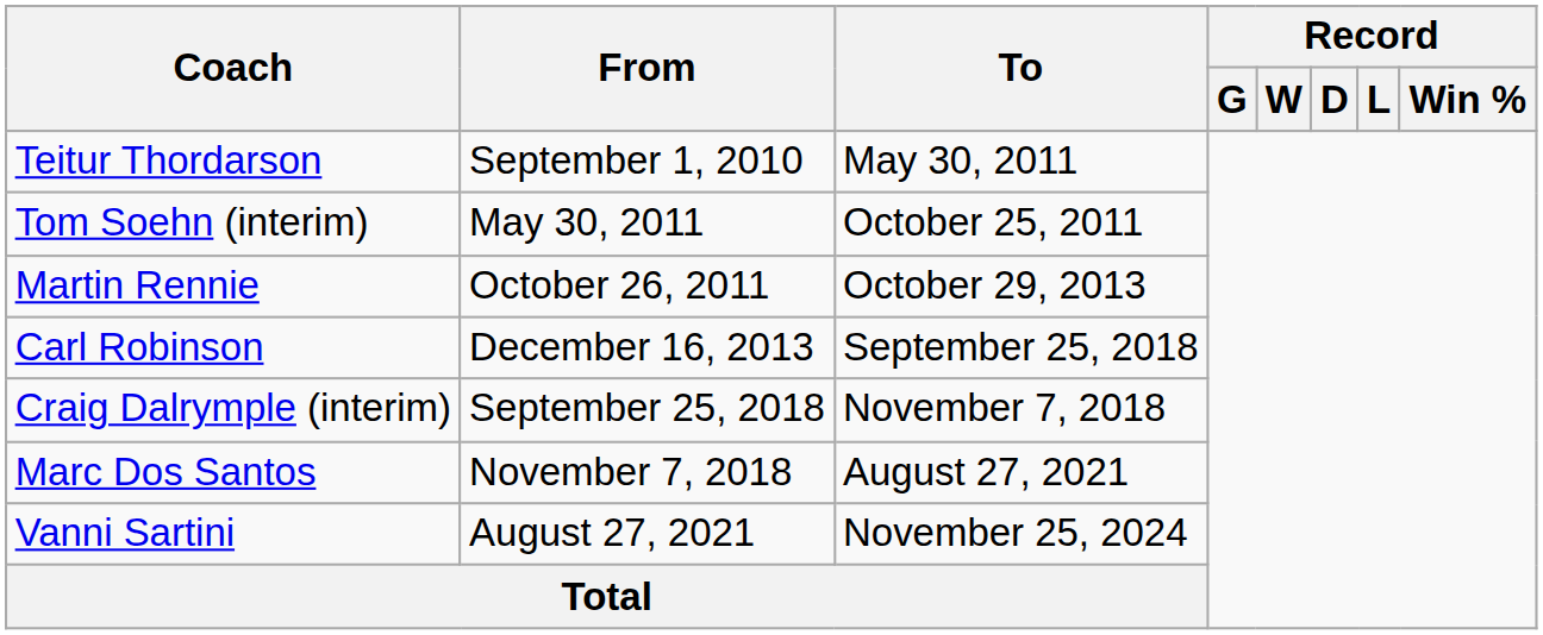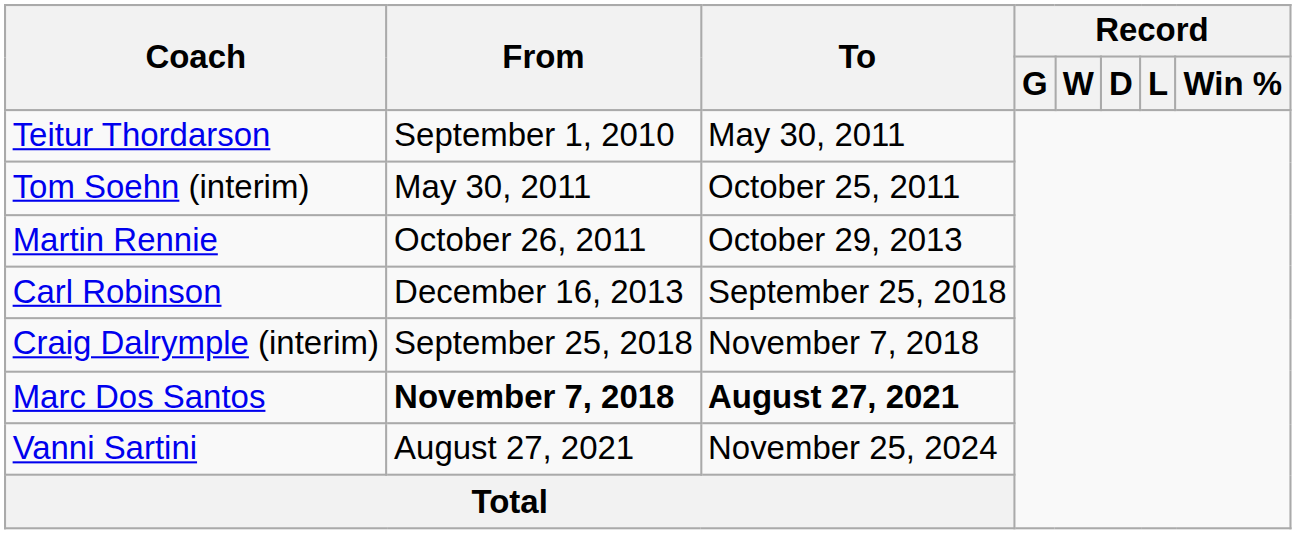 <table class="wikitable sortable" style="text-align: center">
 <tr>
 <th rowspan="2">Coach</th>
 <th rowspan="2">From</th>
 <th rowspan="2">To</th>
 <th colspan="5">Record </th>
 </tr>
 <tr>
 <th>G</th>
 <th>W</th>
 <th>D</th>
 <th>L</th>
 <th>Win %</th>
 </tr>
 <tr>
 <td style="text-align:left;"> <a href='#'>Teitur Thordarson</a></td>
 <td style="text-align:left;">September 1, 2010</td>
 <td style="text-align:left;">May 30, 2011<br></td>
 </tr>
 <tr>
 <td style="text-align:left;"> <a href='#'>Tom Soehn</a> (interim)</td>
 <td style="text-align:left;">May 30, 2011</td>
 <td style="text-align:left;">October 25, 2011<br></td>
 </tr>
 <tr>
 <td style="text-align:left;"> <a href='#'>Martin Rennie</a></td>
 <td style="text-align:left;">October 26, 2011</td>
 <td style="text-align:left;">October 29, 2013<br></td>
 </tr>
 <tr>
 <td style="text-align:left;"> <a href='#'>Carl Robinson</a></td>
 <td style="text-align:left;">December 16, 2013</td>
 <td style="text-align:left;">September 25, 2018<br></td>
 </tr>
 <tr>
 <td style="text-align:left;"> <a href='#'>Craig Dalrymple</a> (interim)</td>
 <td style="text-align:left;">September 25, 2018</td>
 <td style="text-align:left;">November 7, 2018<br></td>
 </tr>
 <tr>
 <td style="text-align:left;"> <a href='#'>Marc Dos Santos</a></td>
-<td style="text-align:left;">November 7, 2018</td>
-<td style="text-align:left;">August 27, 2021<br></td>
+<td style="text-align:left;"><strong>November 7, 2018</strong></td>
+<td style="text-align:left;"><strong>August 27, 2021<br></strong></td>
 </tr>
 <tr>
 <td style="text-align:left;"> <a href='#'>Vanni Sartini</a></td>
 <td style="text-align:left;">August 27, 2021</td>
 <td style="text-align:left;">November 25, 2024<br></td>
 </tr>
 <tr>
 <th colspan="3">Total<br></th>
 </tr>
 </table>
